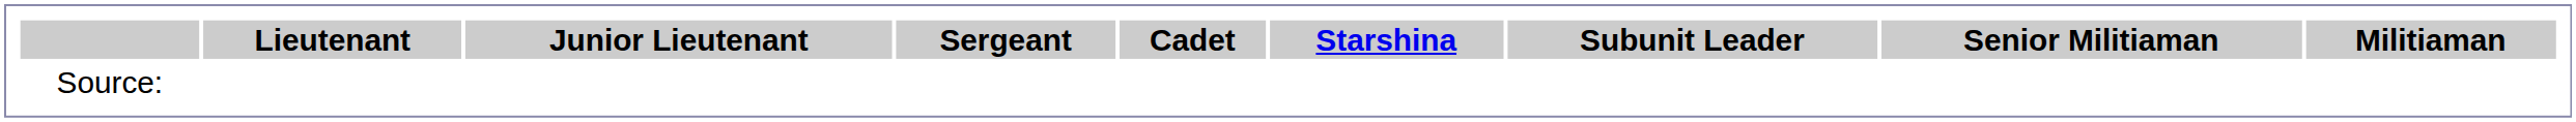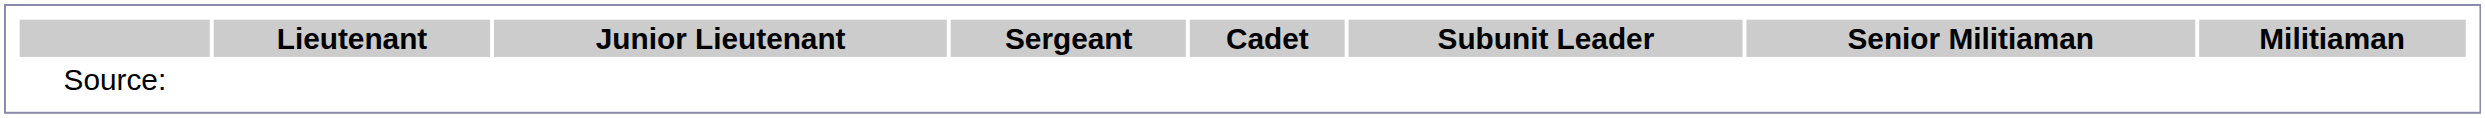 <table style="width:100%; border:1px solid #8888aa; background:#fff; padding:5px; font-size:95%; margin:0 12px 12px 0; text-align:center; ">
 <tr style="background:#ccc;">
 <th></th>
 <th colspan="1">Lieutenant</th>
 <th colspan="1">Junior Lieutenant</th>
 <th colspan="1">Sergeant</th>
 <th colspan="1">Cadet</th>
-<th colspan="1"><a href='#'>Starshina</a></th>
 <th colspan="1">Subunit Leader</th>
 <th colspan="1">Senior Militiaman</th>
 <th colspan="1">Militiaman</th>
 </tr>
 <tr style="text-align:center;">
 <td>Source:</td>
 <td></td>
 <td></td>
 <td></td>
 <td></td>
 <td></td>
 <td></td>
 <td></td>
-<td></td>
 </tr>
 </table>
